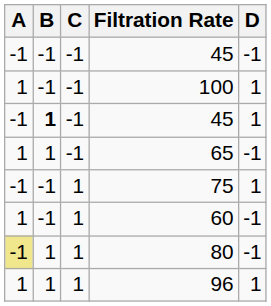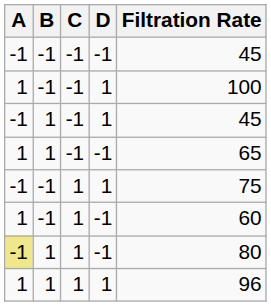 <table class="wikitable" style="text-align: right">
 <tr>
 <th>A</th>
 <th>B</th>
 <th>C</th>
+<th>D</th>
 <th>Filtration Rate</th>
-<th>D</th>
 </tr>
 <tr>
 <td>-1</td>
 <td>-1</td>
 <td>-1</td>
+<td>-1</td>
 <td>45</td>
-<td>-1</td>
 </tr>
 <tr>
 <td>1</td>
 <td>-1</td>
 <td>-1</td>
+<td>1</td>
 <td>100</td>
-<td>1</td>
 </tr>
 <tr>
 <td>-1</td>
-<td><strong>1</strong></td>
+<td>1</td>
 <td>-1</td>
+<td>1</td>
 <td>45</td>
-<td>1</td>
 </tr>
 <tr>
 <td>1</td>
 <td>1</td>
 <td>-1</td>
+<td>-1</td>
 <td>65</td>
-<td>-1</td>
 </tr>
 <tr>
 <td>-1</td>
 <td>-1</td>
 <td>1</td>
+<td>1</td>
 <td>75</td>
-<td>1</td>
 </tr>
 <tr>
 <td>1</td>
 <td>-1</td>
 <td>1</td>
+<td>-1</td>
 <td>60</td>
-<td>-1</td>
 </tr>
 <tr>
 <td style="background: khaki;">-1</td>
 <td>1</td>
 <td>1</td>
+<td>-1</td>
 <td>80</td>
-<td>-1</td>
 </tr>
 <tr>
 <td>1</td>
 <td>1</td>
 <td>1</td>
+<td>1</td>
 <td>96</td>
-<td>1</td>
 </tr>
 </table>
